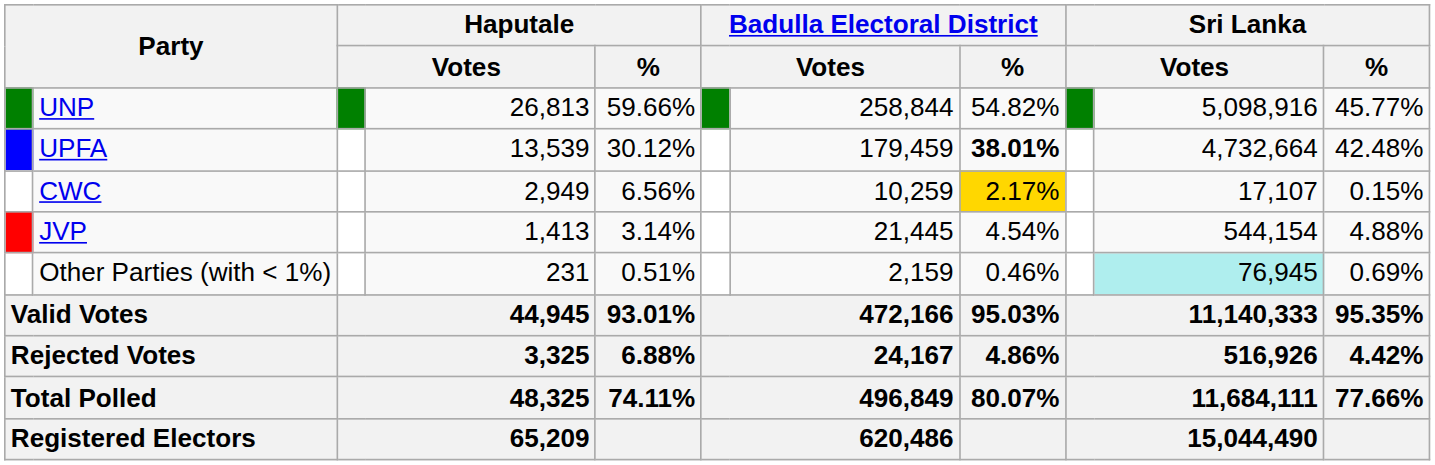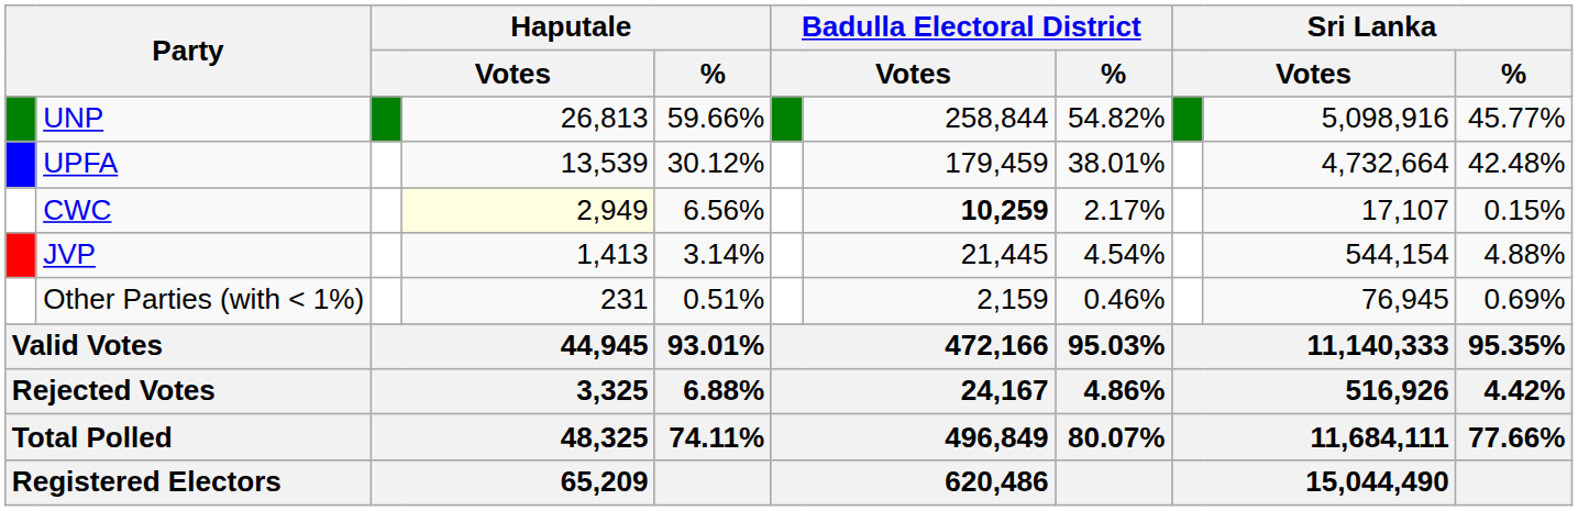 <table class="wikitable">
 <tr>
 <th colspan="2" width="144px"rowspan="2">Party</th>
 <th colspan="3" width="216px">Haputale</th>
 <th colspan="3" width="216px"><a href='#'>Badulla Electoral District</a></th>
 <th colspan="3" width="216px">Sri Lanka</th>
 </tr>
 <tr>
 <th colspan="2" width="144px">Votes</th>
 <th>%</th>
 <th colspan="2" width="144px">Votes</th>
 <th>%</th>
 <th colspan="2" width="144px">Votes</th>
 <th>%</th>
 </tr>
 <tr>
 <td style="background-color:green;" width="10px"></td>
 <td style="text-align:left;"><a href='#'>UNP</a></td>
 <td style="background-color:green;" width="10px"></td>
 <td style="text-align:right;">26,813</td>
 <td style="text-align:right;">59.66%</td>
 <td style="background-color:green;" width="10px"></td>
 <td style="text-align:right;">258,844</td>
 <td style="text-align:right;">54.82%</td>
 <td style="background-color:green;" width="10px"></td>
 <td style="text-align:right;">5,098,916</td>
 <td style="text-align:right;">45.77%</td>
 </tr>
 <tr>
 <td style="background-color:blue;" width="10px"></td>
 <td style="text-align:left;"><a href='#'>UPFA</a></td>
 <td style="background-color:white;" width="10px"></td>
 <td style="text-align:right;">13,539</td>
 <td style="text-align:right;">30.12%</td>
 <td style="background-color:white;" width="10px"></td>
 <td style="text-align:right;">179,459</td>
-<td style="text-align:right;"><strong>38.01%</strong></td>
+<td style="text-align:right;">38.01%</td>
 <td style="background-color:white;" width="10px"></td>
 <td style="text-align:right;">4,732,664</td>
 <td style="text-align:right;">42.48%</td>
 </tr>
 <tr>
 <td style="background-color:white;" width="10px"></td>
 <td style="text-align:left;"><a href='#'>CWC</a></td>
 <td style="background-color:white;" width="10px"></td>
-<td style="text-align:right;">2,949</td>
+<td style="background: lightyellow; text-align:right;">2,949</td>
 <td style="text-align:right;">6.56%</td>
 <td style="background-color:white;" width="10px"></td>
-<td style="text-align:right;">10,259</td>
-<td style="background: gold; text-align:right;">2.17%</td>
+<td style="text-align:right;"><strong>10,259</strong></td>
+<td style="text-align:right;">2.17%</td>
 <td style="background-color:white;" width="10px"></td>
 <td style="text-align:right;">17,107</td>
 <td style="text-align:right;">0.15%</td>
 </tr>
 <tr>
 <td style="background-color:red;" width="10px"></td>
 <td style="text-align:left;"><a href='#'>JVP</a></td>
 <td style="background-color:white;" width="10px"></td>
 <td style="text-align:right;">1,413</td>
 <td style="text-align:right;">3.14%</td>
 <td style="background-color:white;" width="10px"></td>
 <td style="text-align:right;">21,445</td>
 <td style="text-align:right;">4.54%</td>
 <td style="background-color:white;" width="10px"></td>
 <td style="text-align:right;">544,154</td>
 <td style="text-align:right;">4.88%</td>
 </tr>
 <tr>
 <td style="background-color:white;" width="10px"></td>
 <td style="text-align:left;">Other Parties (with < 1%)</td>
 <td style="background-color:white;" width="10px"></td>
 <td style="text-align:right;">231</td>
 <td style="text-align:right;">0.51%</td>
 <td style="background-color:white;" width="10px"></td>
 <td style="text-align:right;">2,159</td>
 <td style="text-align:right;">0.46%</td>
 <td style="background-color:white;" width="10px"></td>
-<td style="background: paleturquoise; text-align:right;">76,945</td>
+<td style="text-align:right;">76,945</td>
 <td style="text-align:right;">0.69%</td>
 </tr>
 <tr>
 <th colspan="2" width="144px"style="text-align:left;">Valid Votes</th>
 <th style="text-align:right;"colspan="2" width="144px">44,945</th>
 <th style="text-align:right;">93.01%</th>
 <th style="text-align:right;"colspan="2" width="144px">472,166</th>
 <th style="text-align:right;">95.03%</th>
 <th style="text-align:right;"colspan="2" width="144px">11,140,333</th>
 <th style="text-align:right;">95.35%</th>
 </tr>
 <tr>
 <th colspan="2" width="144px"style="text-align:left;">Rejected Votes</th>
 <th style="text-align:right;"colspan="2" width="144px">3,325</th>
 <th style="text-align:right;">6.88%</th>
 <th style="text-align:right;"colspan="2" width="144px">24,167</th>
 <th style="text-align:right;">4.86%</th>
 <th style="text-align:right;"colspan="2" width="144px">516,926</th>
 <th style="text-align:right;">4.42%</th>
 </tr>
 <tr>
 <th colspan="2" width="144px"style="text-align:left;">Total Polled</th>
 <th style="text-align:right;"colspan="2" width="144px">48,325</th>
 <th style="text-align:right;">74.11%</th>
 <th style="text-align:right;"colspan="2" width="144px">496,849</th>
 <th style="text-align:right;">80.07%</th>
 <th style="text-align:right;"colspan="2" width="144px">11,684,111</th>
 <th style="text-align:right;">77.66%</th>
 </tr>
 <tr>
 <th colspan="2" width="144px"style="text-align:left;">Registered Electors</th>
 <th style="text-align:right;"colspan="2" width="144px">65,209</th>
 <th></th>
 <th style="text-align:right;"colspan="2" width="144px">620,486</th>
 <th></th>
 <th style="text-align:right;"colspan="2" width="144px">15,044,490</th>
 <th></th>
 </tr>
 </table>
